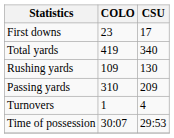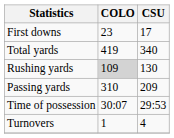 <table class="wikitable" style="float: left;">
 <tr>
 <th>Statistics</th>
 <th>COLO</th>
 <th>CSU</th>
 </tr>
 <tr>
 <td>First downs</td>
 <td>23</td>
 <td>17</td>
 </tr>
 <tr>
 <td>Total yards</td>
 <td>419</td>
 <td>340</td>
 </tr>
 <tr>
 <td>Rushing yards</td>
-<td>109</td>
+<td style="background: lightgrey;">109</td>
 <td>130</td>
 </tr>
 <tr>
 <td>Passing yards</td>
 <td>310</td>
 <td>209</td>
 </tr>
 <tr>
+<td>Time of possession</td>
+<td>30:07</td>
+<td>29:53</td>
+</tr>
+<tr>
 <td>Turnovers</td>
 <td>1</td>
 <td>4</td>
 </tr>
 <tr>
-<td>Time of possession</td>
-<td>30:07</td>
-<td>29:53</td>
-</tr>
-<tr>
 </tr>
 </table>
